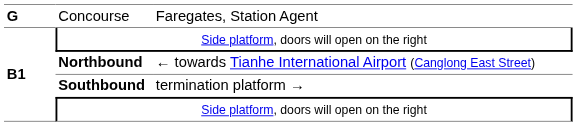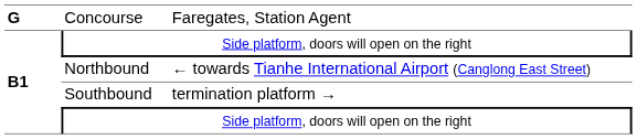 <table table border=0 cellspacing=0 cellpadding=3>
 <tr>
 <td style="border-top:solid 1px gray;border-bottom:solid 1px gray;" width=50><strong>G</strong></td>
 <td style="border-top:solid 1px gray;border-bottom:solid 1px gray;" width=100>Concourse</td>
 <td style="border-top:solid 1px gray;border-bottom:solid 1px gray;" width=450>Faregates, Station Agent</td>
 </tr>
 <tr>
 <td style="border-bottom:solid 1px gray;" rowspan=4><strong>B1</strong></td>
 <td style="border-right:solid 2px black;border-left:solid 2px black;border-top:solid 0px black;border-bottom:solid 2px black;text-align:center;" colspan=2><small><a href='#'>Side platform</a>, doors will open on the right</small></td>
 </tr>
 <tr>
-<td><strong>Northbound</strong></td>
+<td>Northbound</td>
 <td>←  towards <a href='#'>Tianhe International Airport</a> <small>(<a href='#'>Canglong East Street</a>)</small></td>
 </tr>
 <tr>
-<td style="border-top:solid 1px gray;"><strong>Southbound</strong></td>
+<td style="border-top:solid 1px gray;">Southbound</td>
 <td style="border-top:solid 1px gray;"> termination platform →</td>
 </tr>
 <tr>
 <td style="border-right:solid 2px black;border-left:solid 2px black;border-top:solid 2px black;border-bottom:solid 1px gray;text-align:center;" colspan=2><small><a href='#'>Side platform</a>, doors will open on the right</small></td>
 </tr>
 </table>
